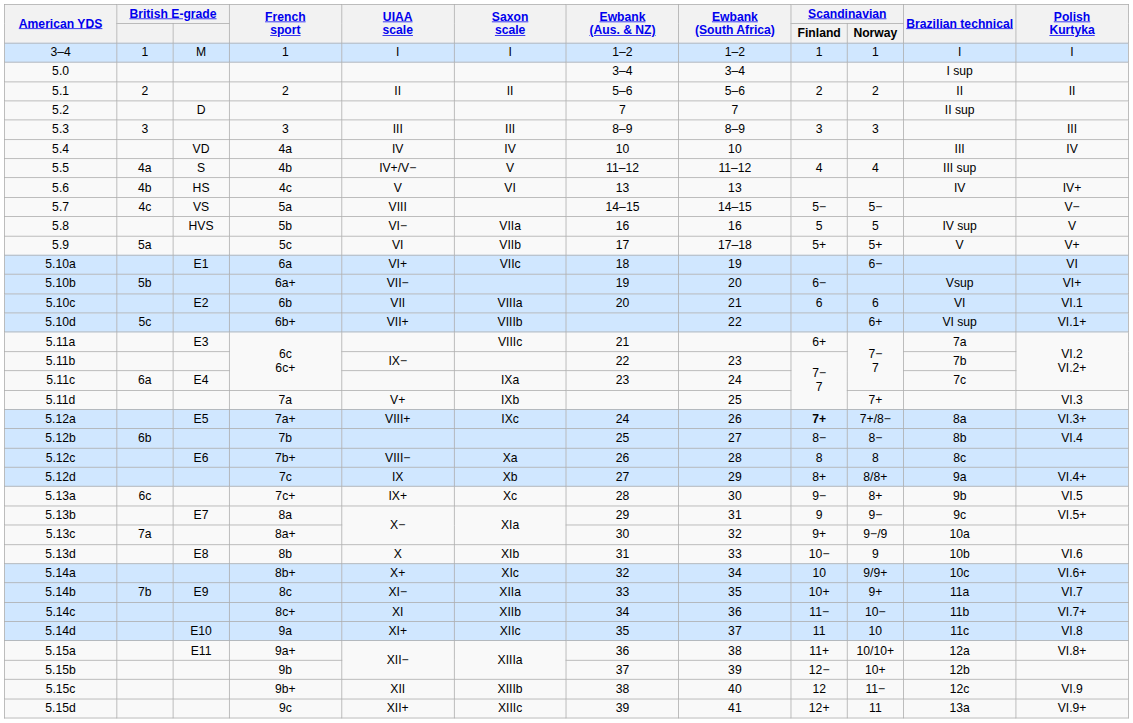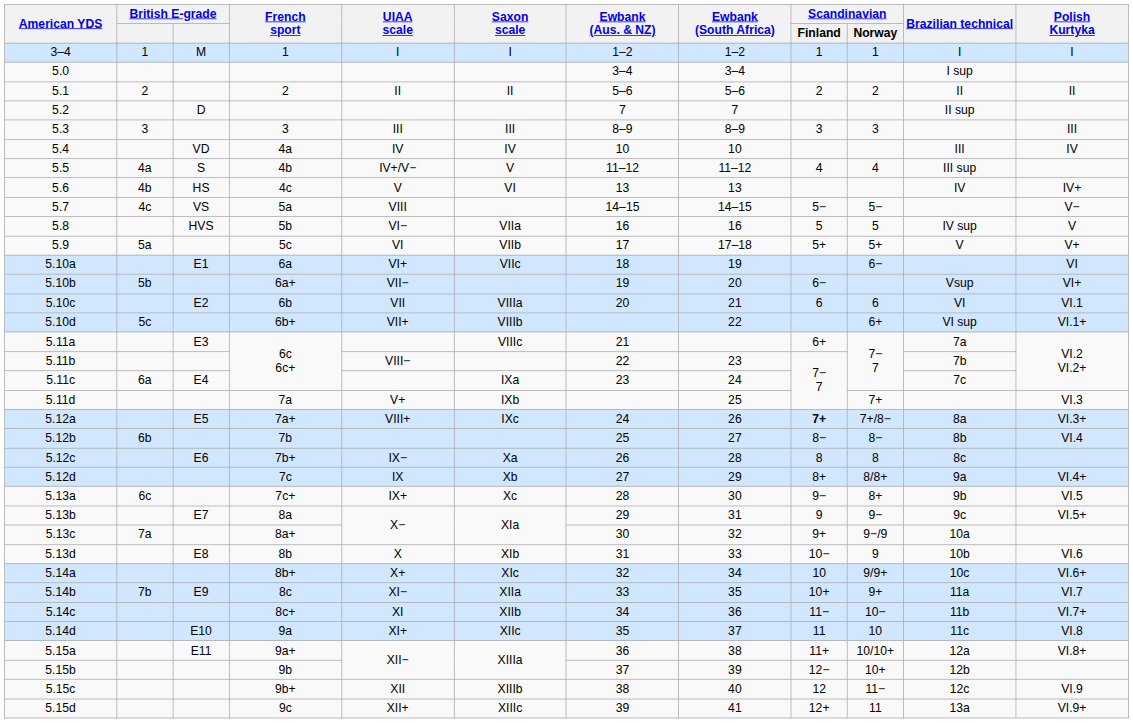 <table class="wikitable">
 <tr>
 <th width=10% rowspan=2><a href='#'>American YDS</a></th>
 <th width=10% colspan=2><a href='#'>British E-grade</a></th>
 <th width=10% rowspan=2><a href='#'>French <br>sport</a></th>
 <th width=10% rowspan=2><a href='#'>UIAA <br>scale</a></th>
 <th width=10% rowspan=2><a href='#'>Saxon <br>scale</a></th>
 <th width=10% rowspan=2><a href='#'>Ewbank <br>(Aus. & NZ)</a></th>
 <th width=10% rowspan=2><a href='#'>Ewbank <br>(South Africa)</a></th>
 <th width=10% colspan=2><a href='#'>Scandinavian</a></th>
 <th width=10% rowspan=2><a href='#'>Brazilian technical</a></th>
 <th width=10% rowspan=2><a href='#'>Polish <br>Kurtyka</a></th>
 </tr>
 <tr>
 <th width=5%></th>
 <th width=5%></th>
 <th width=5%>Finland</th>
 <th width=5%>Norway</th>
 </tr>
 <tr align=center align=center bgcolor="#d0e7ff">
 <td>3–4</td>
 <td>1</td>
 <td>M</td>
 <td>1</td>
 <td>I</td>
 <td>I</td>
 <td>1–2</td>
 <td>1–2</td>
 <td>1</td>
 <td>1</td>
 <td>I</td>
 <td>I</td>
 </tr>
 <tr align=center>
 <td>5.0</td>
 <td></td>
 <td></td>
 <td></td>
 <td></td>
 <td></td>
 <td>3–4</td>
 <td>3–4</td>
 <td></td>
 <td></td>
 <td>I sup</td>
 <td></td>
 </tr>
 <tr align=center>
 <td>5.1</td>
 <td>2</td>
 <td></td>
 <td>2</td>
 <td>II</td>
 <td>II</td>
 <td>5–6</td>
 <td>5–6</td>
 <td>2</td>
 <td>2</td>
 <td>II</td>
 <td>II</td>
 </tr>
 <tr align=center>
 <td>5.2</td>
 <td></td>
 <td>D</td>
 <td></td>
 <td></td>
 <td></td>
 <td>7</td>
 <td>7</td>
 <td></td>
 <td></td>
 <td>II sup</td>
 <td></td>
 </tr>
 <tr align=center>
 <td>5.3</td>
 <td>3</td>
 <td></td>
 <td>3</td>
 <td>III</td>
 <td>III</td>
 <td>8–9</td>
 <td>8–9</td>
 <td>3</td>
 <td>3</td>
 <td></td>
 <td>III</td>
 </tr>
 <tr align=center>
 <td>5.4</td>
 <td></td>
 <td>VD</td>
 <td>4a</td>
 <td>IV</td>
 <td>IV</td>
 <td>10</td>
 <td>10</td>
 <td></td>
 <td></td>
 <td>III</td>
 <td>IV</td>
 </tr>
 <tr align=center>
 <td>5.5</td>
 <td>4a</td>
 <td>S</td>
 <td>4b</td>
 <td>IV+/V−</td>
 <td>V</td>
 <td>11–12</td>
 <td>11–12</td>
 <td>4</td>
 <td>4</td>
 <td>III sup</td>
 <td></td>
 </tr>
 <tr align=center>
 <td>5.6</td>
 <td>4b</td>
 <td>HS</td>
 <td>4c</td>
 <td>V</td>
 <td>VI</td>
 <td>13</td>
 <td>13</td>
 <td></td>
 <td></td>
 <td>IV</td>
 <td>IV+</td>
 </tr>
 <tr align=center>
 <td>5.7</td>
 <td>4c</td>
 <td>VS</td>
 <td>5a</td>
 <td>VIII</td>
 <td></td>
 <td>14–15</td>
 <td>14–15</td>
 <td>5−</td>
 <td>5−</td>
 <td></td>
 <td>V−</td>
 </tr>
 <tr align=center>
 <td>5.8</td>
 <td></td>
 <td>HVS</td>
 <td>5b</td>
 <td>VI−</td>
 <td>VIIa</td>
 <td>16</td>
 <td>16</td>
 <td>5</td>
 <td>5</td>
 <td>IV sup</td>
 <td>V</td>
 </tr>
 <tr align=center>
 <td>5.9</td>
 <td>5a</td>
 <td></td>
 <td>5c</td>
 <td>VI</td>
 <td>VIIb</td>
 <td>17</td>
 <td>17–18</td>
 <td>5+</td>
 <td>5+</td>
 <td>V</td>
 <td>V+</td>
 </tr>
 <tr align=center bgcolor="#d0e7ff">
 <td>5.10a</td>
 <td></td>
 <td>E1</td>
 <td>6a</td>
 <td>VI+</td>
 <td>VIIc</td>
 <td>18</td>
 <td>19</td>
 <td></td>
 <td>6−</td>
 <td></td>
 <td>VI</td>
 </tr>
 <tr align=center bgcolor="#d0e7ff">
 <td>5.10b</td>
 <td>5b</td>
 <td></td>
 <td>6a+</td>
 <td>VII−</td>
 <td></td>
 <td>19</td>
 <td>20</td>
 <td>6−</td>
 <td></td>
 <td>Vsup</td>
 <td>VI+</td>
 </tr>
 <tr align=center bgcolor="#d0e7ff">
 <td>5.10c</td>
 <td></td>
 <td>E2</td>
 <td>6b</td>
 <td>VII</td>
 <td>VIIIa</td>
 <td>20</td>
 <td>21</td>
 <td>6</td>
 <td>6</td>
 <td>VI</td>
 <td>VI.1</td>
 </tr>
 <tr align=center bgcolor="#d0e7ff">
 <td>5.10d</td>
 <td>5c</td>
 <td></td>
 <td>6b+</td>
 <td>VII+</td>
 <td>VIIIb</td>
 <td></td>
 <td>22</td>
 <td></td>
 <td>6+</td>
 <td>VI sup</td>
 <td>VI.1+</td>
 </tr>
 <tr align=center>
 <td>5.11a</td>
 <td></td>
 <td>E3</td>
 <td rowspan=3>6c<br>6c+</td>
 <td></td>
 <td>VIIIc</td>
 <td>21</td>
 <td></td>
 <td>6+</td>
 <td rowspan="3">7−<br>7</td>
 <td>7a</td>
 <td rowspan="3">VI.2<br>VI.2+</td>
 </tr>
 <tr align=center>
 <td>5.11b</td>
 <td></td>
 <td></td>
-<td>IX−</td>
+<td>VIII−</td>
 <td></td>
 <td>22</td>
 <td>23</td>
 <td rowspan="3">7−<br>7</td>
 <td>7b</td>
 </tr>
 <tr align=center>
 <td>5.11c</td>
 <td>6a</td>
 <td>E4</td>
 <td></td>
 <td>IXa</td>
 <td>23</td>
 <td>24</td>
 <td>7c</td>
 </tr>
 <tr align=center>
 <td>5.11d</td>
 <td></td>
 <td></td>
 <td>7a</td>
 <td>V+</td>
 <td>IXb</td>
 <td></td>
 <td>25</td>
 <td>7+</td>
 <td></td>
 <td>VI.3</td>
 </tr>
 <tr align=center bgcolor="#d0e7ff">
 <td>5.12a</td>
 <td></td>
 <td>E5</td>
 <td>7a+</td>
 <td>VIII+</td>
 <td>IXc</td>
 <td>24</td>
 <td>26</td>
 <td><strong>7+</strong></td>
 <td>7+/8−</td>
 <td>8a</td>
 <td>VI.3+</td>
 </tr>
 <tr align=center bgcolor="#d0e7ff">
 <td>5.12b</td>
 <td>6b</td>
 <td></td>
 <td>7b</td>
 <td></td>
 <td></td>
 <td>25</td>
 <td>27</td>
 <td>8−</td>
 <td>8−</td>
 <td>8b</td>
 <td>VI.4</td>
 </tr>
 <tr align=center bgcolor="#d0e7ff">
 <td>5.12c</td>
 <td></td>
 <td>E6</td>
 <td>7b+</td>
-<td>VIII−</td>
+<td>IX−</td>
 <td>Xa</td>
 <td>26</td>
 <td>28</td>
 <td>8</td>
 <td>8</td>
 <td>8c</td>
 <td></td>
 </tr>
 <tr align=center bgcolor="#d0e7ff">
 <td>5.12d</td>
 <td></td>
 <td></td>
 <td>7c</td>
 <td>IX</td>
 <td>Xb</td>
 <td>27</td>
 <td>29</td>
 <td>8+</td>
 <td>8/8+</td>
 <td>9a</td>
 <td>VI.4+</td>
 </tr>
 <tr align=center>
 <td>5.13a</td>
 <td>6c</td>
 <td></td>
 <td>7c+</td>
 <td>IX+</td>
 <td>Xc</td>
 <td>28</td>
 <td>30</td>
 <td>9−</td>
 <td>8+</td>
 <td>9b</td>
 <td>VI.5</td>
 </tr>
 <tr align=center>
 <td>5.13b</td>
 <td></td>
 <td>E7</td>
 <td>8a</td>
 <td rowspan=2>X−</td>
 <td rowspan="2">XIa</td>
 <td>29</td>
 <td>31</td>
 <td>9</td>
 <td>9−</td>
 <td>9c</td>
 <td>VI.5+</td>
 </tr>
 <tr align=center>
 <td>5.13c</td>
 <td>7a</td>
 <td></td>
 <td>8a+</td>
 <td>30</td>
 <td>32</td>
 <td>9+</td>
 <td>9−/9</td>
 <td>10a</td>
 <td></td>
 </tr>
 <tr align=center>
 <td>5.13d</td>
 <td></td>
 <td>E8</td>
 <td>8b</td>
 <td>X</td>
 <td>XIb</td>
 <td>31</td>
 <td>33</td>
 <td>10−</td>
 <td>9</td>
 <td>10b</td>
 <td>VI.6</td>
 </tr>
 <tr align=center bgcolor="#d0e7ff">
 <td>5.14a</td>
 <td></td>
 <td></td>
 <td>8b+</td>
 <td>X+</td>
 <td>XIc</td>
 <td>32</td>
 <td>34</td>
 <td>10</td>
 <td>9/9+</td>
 <td>10c</td>
 <td>VI.6+</td>
 </tr>
 <tr align=center bgcolor="#d0e7ff">
 <td>5.14b</td>
 <td>7b</td>
 <td>E9</td>
 <td>8c</td>
 <td>XI−</td>
 <td>XIIa</td>
 <td>33</td>
 <td>35</td>
 <td>10+</td>
 <td>9+</td>
 <td>11a</td>
 <td>VI.7</td>
 </tr>
 <tr align=center bgcolor="#d0e7ff">
 <td>5.14c</td>
 <td></td>
 <td></td>
 <td>8c+</td>
 <td>XI</td>
 <td>XIIb</td>
 <td>34</td>
 <td>36</td>
 <td>11−</td>
 <td>10−</td>
 <td>11b</td>
 <td>VI.7+</td>
 </tr>
 <tr align=center bgcolor="#d0e7ff">
 <td>5.14d</td>
 <td></td>
 <td>E10</td>
 <td>9a</td>
 <td>XI+</td>
 <td>XIIc</td>
 <td>35</td>
 <td>37</td>
 <td>11</td>
 <td>10</td>
 <td>11c</td>
 <td>VI.8</td>
 </tr>
 <tr align=center>
 <td>5.15a</td>
 <td></td>
 <td>E11</td>
 <td>9a+</td>
 <td rowspan=2>XII−</td>
 <td rowspan="2">XIIIa</td>
 <td>36</td>
 <td>38</td>
 <td>11+</td>
 <td>10/10+</td>
 <td>12a</td>
 <td>VI.8+</td>
 </tr>
 <tr align=center>
 <td>5.15b</td>
 <td></td>
 <td></td>
 <td>9b</td>
 <td>37</td>
 <td>39</td>
 <td>12−</td>
 <td>10+</td>
 <td>12b</td>
 <td></td>
 </tr>
 <tr align=center>
 <td>5.15c</td>
 <td></td>
 <td></td>
 <td>9b+</td>
 <td>XII</td>
 <td>XIIIb</td>
 <td>38</td>
 <td>40</td>
 <td>12</td>
 <td>11−</td>
 <td>12c</td>
 <td>VI.9</td>
 </tr>
 <tr align=center>
 <td>5.15d</td>
 <td></td>
 <td></td>
 <td>9c</td>
 <td>XII+</td>
 <td>XIIIc</td>
 <td>39</td>
 <td>41</td>
 <td>12+</td>
 <td>11</td>
 <td>13a</td>
 <td>VI.9+</td>
 </tr>
 </table>
